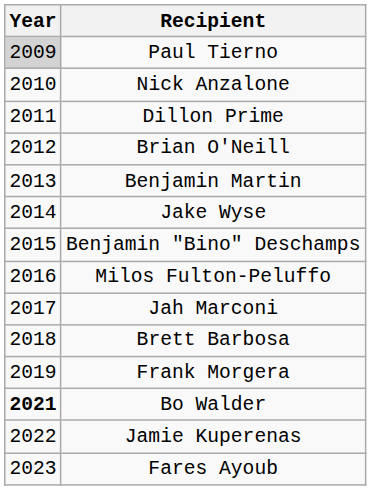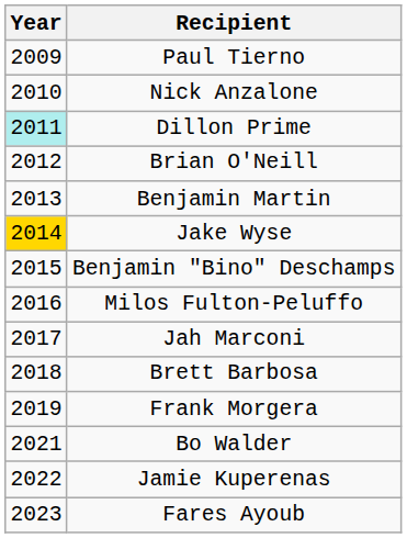 <table class="wikitable" style="text-align:center">
 <tr>
 <th>Year</th>
 <th>Recipient</th>
 </tr>
 <tr>
-<td style="background: lightgrey;">2009</td>
+<td>2009</td>
 <td>Paul Tierno</td>
 </tr>
 <tr>
 <td>2010</td>
 <td>Nick Anzalone</td>
 </tr>
 <tr>
-<td>2011</td>
+<td style="background: paleturquoise;">2011</td>
 <td>Dillon Prime</td>
 </tr>
 <tr>
 <td>2012</td>
 <td>Brian O'Neill</td>
 </tr>
 <tr>
 <td>2013</td>
 <td>Benjamin Martin</td>
 </tr>
 <tr>
-<td>2014</td>
+<td style="background: gold;">2014</td>
 <td>Jake Wyse</td>
 </tr>
 <tr>
 <td>2015</td>
 <td>Benjamin "Bino" Deschamps</td>
 </tr>
 <tr>
 <td>2016</td>
 <td>Milos Fulton-Peluffo</td>
 </tr>
 <tr>
 <td>2017</td>
 <td>Jah Marconi</td>
 </tr>
 <tr>
 <td>2018</td>
 <td>Brett Barbosa</td>
 </tr>
 <tr>
 <td>2019</td>
 <td>Frank Morgera</td>
 </tr>
 <tr>
-<td><strong>2021</strong></td>
+<td>2021</td>
 <td>Bo Walder</td>
 </tr>
 <tr>
 <td>2022</td>
 <td>Jamie Kuperenas</td>
 </tr>
 <tr>
 <td>2023</td>
 <td>Fares Ayoub</td>
 </tr>
 </table>
